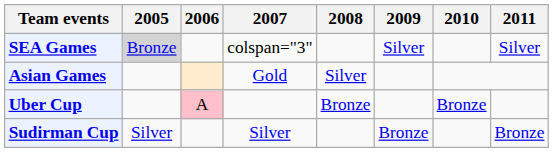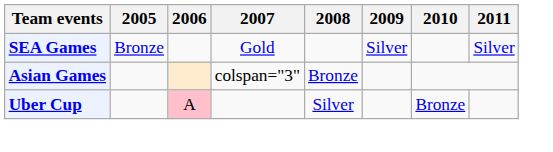 <table class="wikitable" style="font-size: 90%; text-align:center">
 <tr>
 <th>Team events</th>
 <th>2005</th>
 <th>2006</th>
 <th>2007</th>
 <th>2008</th>
 <th>2009</th>
 <th>2010</th>
 <th>2011</th>
 </tr>
 <tr>
 <td bgcolor="#ECF2FF"; align="left"><strong><a href='#'>SEA Games</a></strong></td>
-<td style="background: lightgrey;"> <a href='#'>Bronze</a></td>
+<td> <a href='#'>Bronze</a></td>
 <td></td>
-<td>colspan="3" </td>
+<td> <a href='#'>Gold</a></td>
 <td></td>
 <td> <a href='#'>Silver</a></td>
 <td></td>
 <td> <a href='#'>Silver</a></td>
 </tr>
 <tr>
 <td bgcolor="#ECF2FF"; align="left"><strong><a href='#'>Asian Games</a></strong></td>
 <td></td>
 <td bgcolor=FFEBCD><a href='#'></a></td>
-<td> <a href='#'>Gold</a></td>
-<td> <a href='#'>Silver</a></td>
+<td>colspan="3" </td>
+<td> <a href='#'>Bronze</a></td>
 <td></td>
 </tr>
 <tr>
 <td bgcolor="#ECF2FF"; align="left"><strong><a href='#'>Uber Cup</a></strong></td>
 <td></td>
 <td style="background: pink;">A</td>
 <td></td>
-<td> <a href='#'>Bronze</a></td>
+<td> <a href='#'>Silver</a></td>
 <td></td>
 <td> <a href='#'>Bronze</a></td>
 <td></td>
 </tr>
-<tr>
-<td bgcolor="#ECF2FF"; align="left"><strong><a href='#'>Sudirman Cup</a></strong></td>
-<td> <a href='#'>Silver</a></td>
-<td></td>
-<td> <a href='#'>Silver</a></td>
-<td></td>
-<td> <a href='#'>Bronze</a></td>
-<td></td>
-<td> <a href='#'>Bronze</a></td>
-</tr>
 </table>
